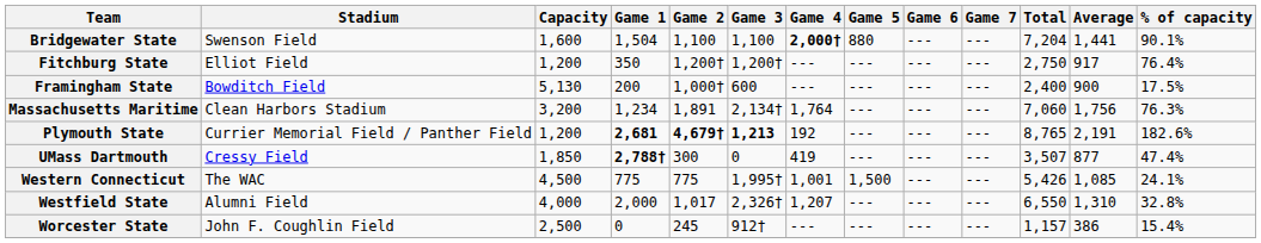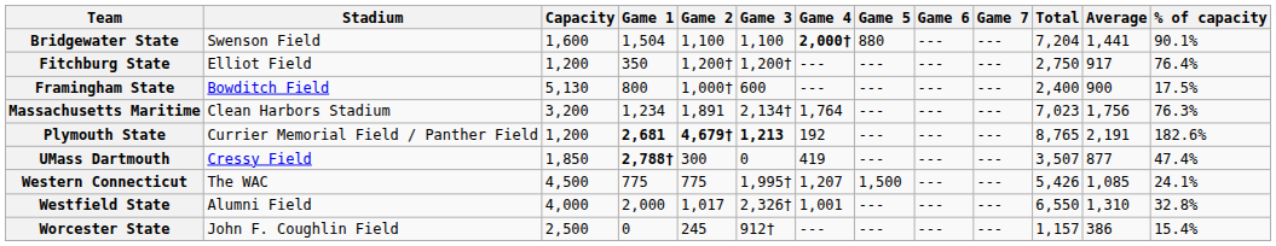 <table class="wikitable sortable">
 <tr>
 <th>Team</th>
 <th>Stadium</th>
 <th>Capacity</th>
 <th>Game 1</th>
 <th>Game 2</th>
 <th>Game 3</th>
 <th>Game 4</th>
 <th>Game 5</th>
 <th>Game 6</th>
 <th>Game 7</th>
 <th>Total</th>
 <th>Average</th>
 <th>% of capacity</th>
 </tr>
 <tr>
 <th>Bridgewater State</th>
 <td>Swenson Field</td>
 <td>1,600</td>
 <td>1,504</td>
 <td>1,100</td>
 <td>1,100</td>
 <td><strong>2,000†</strong></td>
 <td>880</td>
 <td>---</td>
 <td>---</td>
 <td>7,204</td>
 <td>1,441</td>
 <td>90.1%</td>
 </tr>
 <tr>
 <th>Fitchburg State</th>
 <td>Elliot Field</td>
 <td>1,200</td>
 <td>350</td>
 <td>1,200†</td>
 <td>1,200†</td>
 <td>---</td>
 <td>---</td>
 <td>---</td>
 <td>---</td>
 <td>2,750</td>
 <td>917</td>
 <td>76.4%</td>
 </tr>
 <tr>
 <th>Framingham State</th>
 <td><a href='#'>Bowditch Field</a></td>
 <td>5,130</td>
-<td>200</td>
+<td>800</td>
 <td>1,000†</td>
 <td>600</td>
 <td>---</td>
 <td>---</td>
 <td>---</td>
 <td>---</td>
 <td>2,400</td>
 <td>900</td>
 <td>17.5%</td>
 </tr>
 <tr>
 <th>Massachusetts Maritime</th>
 <td>Clean Harbors Stadium</td>
 <td>3,200</td>
 <td>1,234</td>
 <td>1,891</td>
 <td>2,134†</td>
 <td>1,764</td>
 <td>---</td>
 <td>---</td>
 <td>---</td>
-<td>7,060</td>
+<td>7,023</td>
 <td>1,756</td>
 <td>76.3%</td>
 </tr>
 <tr>
 <th>Plymouth State</th>
 <td>Currier Memorial Field / Panther Field</td>
 <td>1,200</td>
 <td><strong>2,681</strong></td>
 <td><strong>4,679†</strong></td>
 <td><strong>1,213</strong></td>
 <td>192</td>
 <td>---</td>
 <td>---</td>
 <td>---</td>
 <td>8,765</td>
 <td>2,191</td>
 <td>182.6%</td>
 </tr>
 <tr>
 <th>UMass Dartmouth</th>
 <td><a href='#'>Cressy Field</a></td>
 <td>1,850</td>
 <td><strong>2,788†</strong></td>
 <td>300</td>
 <td>0</td>
 <td>419</td>
 <td>---</td>
 <td>---</td>
 <td>---</td>
 <td>3,507</td>
 <td>877</td>
 <td>47.4%</td>
 </tr>
 <tr>
 <th>Western Connecticut</th>
 <td>The WAC</td>
 <td>4,500</td>
 <td>775</td>
 <td>775</td>
 <td>1,995†</td>
-<td>1,001</td>
+<td>1,207</td>
 <td>1,500</td>
 <td>---</td>
 <td>---</td>
 <td>5,426</td>
 <td>1,085</td>
 <td>24.1%</td>
 </tr>
 <tr>
 <th>Westfield State</th>
 <td>Alumni Field</td>
 <td>4,000</td>
 <td>2,000</td>
 <td>1,017</td>
 <td>2,326†</td>
-<td>1,207</td>
+<td>1,001</td>
 <td>---</td>
 <td>---</td>
 <td>---</td>
 <td>6,550</td>
 <td>1,310</td>
 <td>32.8%</td>
 </tr>
 <tr>
 <th>Worcester State</th>
 <td>John F. Coughlin Field</td>
 <td>2,500</td>
 <td>0</td>
 <td>245</td>
 <td>912†</td>
 <td>---</td>
 <td>---</td>
 <td>---</td>
 <td>---</td>
 <td>1,157</td>
 <td>386</td>
 <td>15.4%</td>
 </tr>
 <tr>
 </tr>
 </table>
